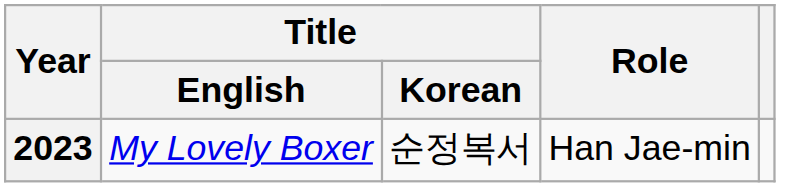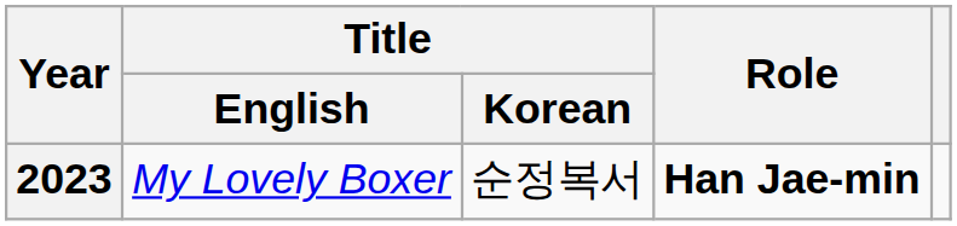 <table class="wikitable sortable plainrowheaders">
 <tr>
 <th scope="col" rowspan="2">Year</th>
 <th scope="col" colspan="2">Title</th>
 <th scope="col" rowspan="2">Role</th>
 <th scope="col" rowspan="2" class="unsortable"></th>
 </tr>
 <tr>
 <th scope="col">English</th>
 <th scope="col" style=>Korean</th>
 </tr>
 <tr>
 <th rowspan="2" scope="row">2023</th>
 <td><em><a href='#'>My Lovely Boxer</a></em></td>
 <td>순정복서</td>
-<td>Han Jae-min</td>
+<td><strong>Han Jae-min</strong></td>
 <td style="text-align:center"></td>
 </tr>
 </table>
